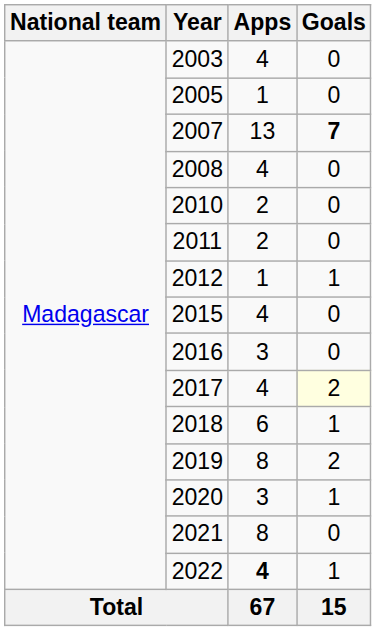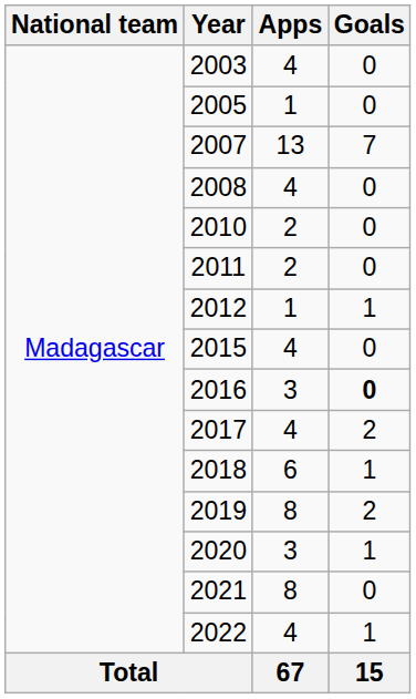 <table class="wikitable" style="text-align:center">
 <tr>
 <th>National team</th>
 <th>Year</th>
 <th>Apps</th>
 <th>Goals</th>
 </tr>
 <tr>
 <td rowspan="15"><a href='#'>Madagascar</a></td>
 <td>2003</td>
 <td>4</td>
 <td>0</td>
 </tr>
 <tr>
 <td>2005</td>
 <td>1</td>
 <td>0</td>
 </tr>
 <tr>
 <td>2007</td>
 <td>13</td>
-<td><strong>7</strong></td>
+<td>7</td>
 </tr>
 <tr>
 <td>2008</td>
 <td>4</td>
 <td>0</td>
 </tr>
 <tr>
 <td>2010</td>
 <td>2</td>
 <td>0</td>
 </tr>
 <tr>
 <td>2011</td>
 <td>2</td>
 <td>0</td>
 </tr>
 <tr>
 <td>2012</td>
 <td>1</td>
 <td>1</td>
 </tr>
 <tr>
 <td>2015</td>
 <td>4</td>
 <td>0</td>
 </tr>
 <tr>
 <td>2016</td>
 <td>3</td>
-<td>0</td>
+<td><strong>0</strong></td>
 </tr>
 <tr>
 <td>2017</td>
 <td>4</td>
-<td style="background: lightyellow;">2</td>
+<td>2</td>
 </tr>
 <tr>
 <td>2018</td>
 <td>6</td>
 <td>1</td>
 </tr>
 <tr>
 <td>2019</td>
 <td>8</td>
 <td>2</td>
 </tr>
 <tr>
 <td>2020</td>
 <td>3</td>
 <td>1</td>
 </tr>
 <tr>
 <td>2021</td>
 <td>8</td>
 <td>0</td>
 </tr>
 <tr>
 <td>2022</td>
-<td><strong>4</strong></td>
+<td>4</td>
 <td>1</td>
 </tr>
 <tr>
 <th colspan="2">Total</th>
 <th>67</th>
 <th>15</th>
 </tr>
 </table>
